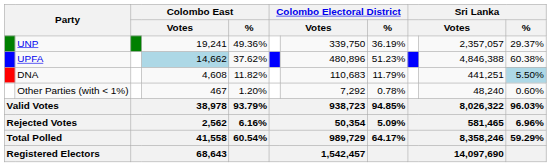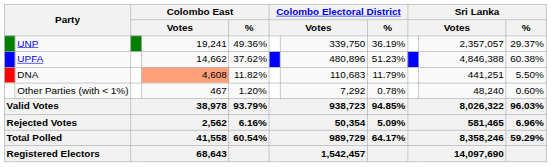 <table class="wikitable">
 <tr>
 <th colspan="2" width="144px"rowspan="2">Party</th>
 <th colspan="3" width="216px">Colombo East</th>
 <th colspan="3" width="216px"><a href='#'>Colombo Electoral District</a></th>
 <th colspan="3" width="216px">Sri Lanka</th>
 </tr>
 <tr>
 <th colspan="2" width="144px">Votes</th>
 <th>%</th>
 <th colspan="2" width="144px">Votes</th>
 <th>%</th>
 <th colspan="2" width="144px">Votes</th>
 <th>%</th>
 </tr>
 <tr>
 <td style="background-color:green;" width="10px"></td>
 <td style="text-align:left;"><a href='#'>UNP</a></td>
 <td style="background-color:green;" width="10px"></td>
 <td style="text-align:right;">19,241</td>
 <td style="text-align:right;">49.36%</td>
 <td style="background-color:white;" width="10px"></td>
 <td style="text-align:right;">339,750</td>
 <td style="text-align:right;">36.19%</td>
 <td style="background-color:white;" width="10px"></td>
 <td style="text-align:right;">2,357,057</td>
 <td style="text-align:right;">29.37%</td>
 </tr>
 <tr>
 <td style="background-color:blue;" width="10px"></td>
 <td style="text-align:left;"><a href='#'>UPFA</a></td>
 <td style="background-color:white;" width="10px"></td>
-<td style="background: lightblue; text-align:right;">14,662</td>
+<td style="text-align:right;">14,662</td>
 <td style="text-align:right;">37.62%</td>
 <td style="background-color:blue;" width="10px"></td>
 <td style="text-align:right;">480,896</td>
 <td style="text-align:right;">51.23%</td>
 <td style="background-color:blue;" width="10px"></td>
 <td style="text-align:right;">4,846,388</td>
 <td style="text-align:right;">60.38%</td>
 </tr>
 <tr>
 <td style="background-color:red;" width="10px"></td>
 <td style="text-align:left;">DNA</td>
 <td style="background-color:white;" width="10px"></td>
-<td style="text-align:right;">4,608</td>
+<td style="background: lightsalmon; text-align:right;">4,608</td>
 <td style="text-align:right;">11.82%</td>
 <td style="background-color:white;" width="10px"></td>
 <td style="text-align:right;">110,683</td>
 <td style="text-align:right;">11.79%</td>
 <td style="background-color:white;" width="10px"></td>
 <td style="text-align:right;">441,251</td>
-<td style="background: lightblue; text-align:right;">5.50%</td>
+<td style="text-align:right;">5.50%</td>
 </tr>
 <tr>
 <td style="background-color:white;" width="10px"></td>
 <td style="text-align:left;">Other Parties (with < 1%)</td>
 <td style="background-color:white;" width="10px"></td>
 <td style="text-align:right;">467</td>
 <td style="text-align:right;">1.20%</td>
 <td style="background-color:white;" width="10px"></td>
 <td style="text-align:right;">7,292</td>
 <td style="text-align:right;">0.78%</td>
 <td style="background-color:white;" width="10px"></td>
 <td style="text-align:right;">48,240</td>
 <td style="text-align:right;">0.60%</td>
 </tr>
 <tr>
 <th colspan="2" width="144px"style="text-align:left;">Valid Votes</th>
 <th style="text-align:right;"colspan="2" width="144px">38,978</th>
 <th style="text-align:right;">93.79%</th>
 <th style="text-align:right;"colspan="2" width="144px">938,723</th>
 <th style="text-align:right;">94.85%</th>
 <th style="text-align:right;"colspan="2" width="144px">8,026,322</th>
 <th style="text-align:right;">96.03%</th>
 </tr>
 <tr>
 <th colspan="2" width="144px"style="text-align:left;">Rejected Votes</th>
 <th style="text-align:right;"colspan="2" width="144px">2,562</th>
 <th style="text-align:right;">6.16%</th>
 <th style="text-align:right;"colspan="2" width="144px">50,354</th>
 <th style="text-align:right;">5.09%</th>
 <th style="text-align:right;"colspan="2" width="144px">581,465</th>
 <th style="text-align:right;">6.96%</th>
 </tr>
 <tr>
 <th colspan="2" width="144px"style="text-align:left;">Total Polled</th>
 <th style="text-align:right;"colspan="2" width="144px">41,558</th>
 <th style="text-align:right;">60.54%</th>
 <th style="text-align:right;"colspan="2" width="144px">989,729</th>
 <th style="text-align:right;">64.17%</th>
 <th style="text-align:right;"colspan="2" width="144px">8,358,246</th>
 <th style="text-align:right;">59.29%</th>
 </tr>
 <tr>
 <th colspan="2" width="144px"style="text-align:left;">Registered Electors</th>
 <th style="text-align:right;"colspan="2" width="144px">68,643</th>
 <th></th>
 <th style="text-align:right;"colspan="2" width="144px">1,542,457</th>
 <th></th>
 <th style="text-align:right;"colspan="2" width="144px">14,097,690</th>
 <th></th>
 </tr>
 </table>
